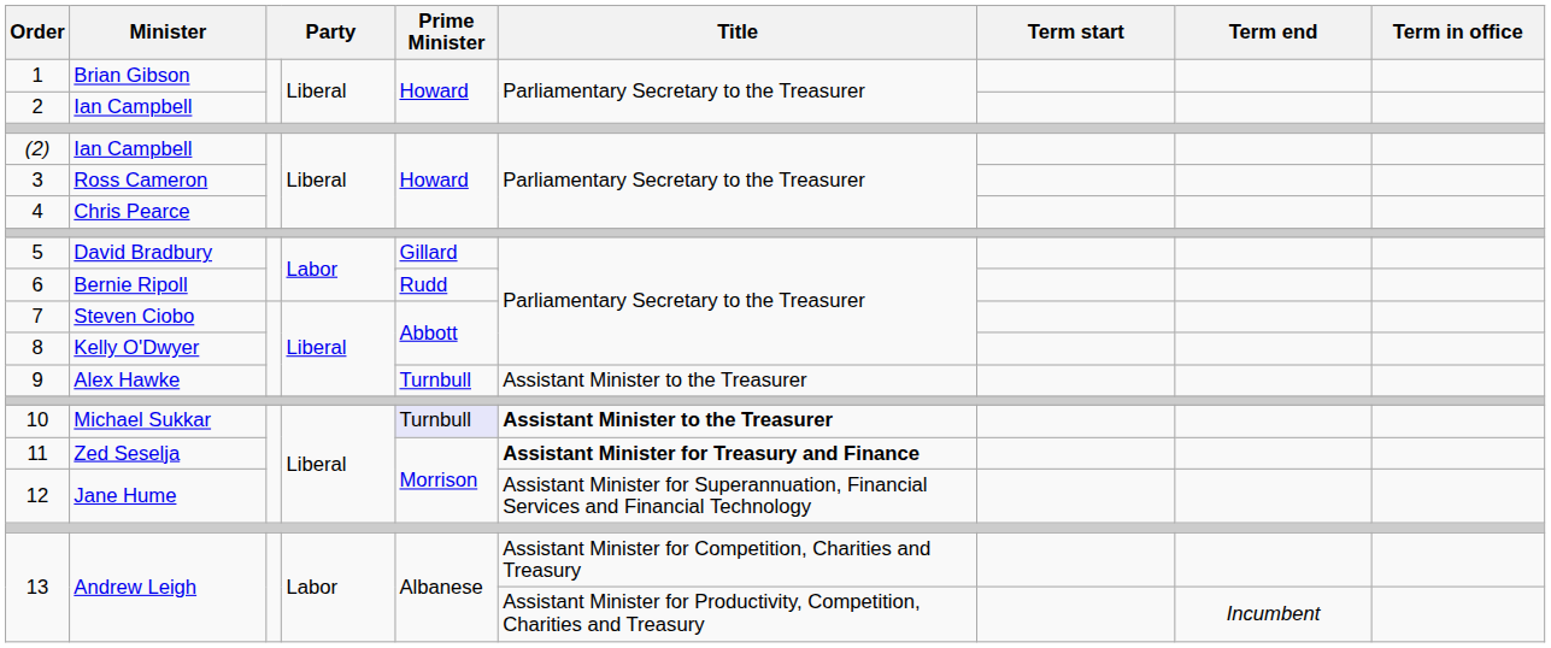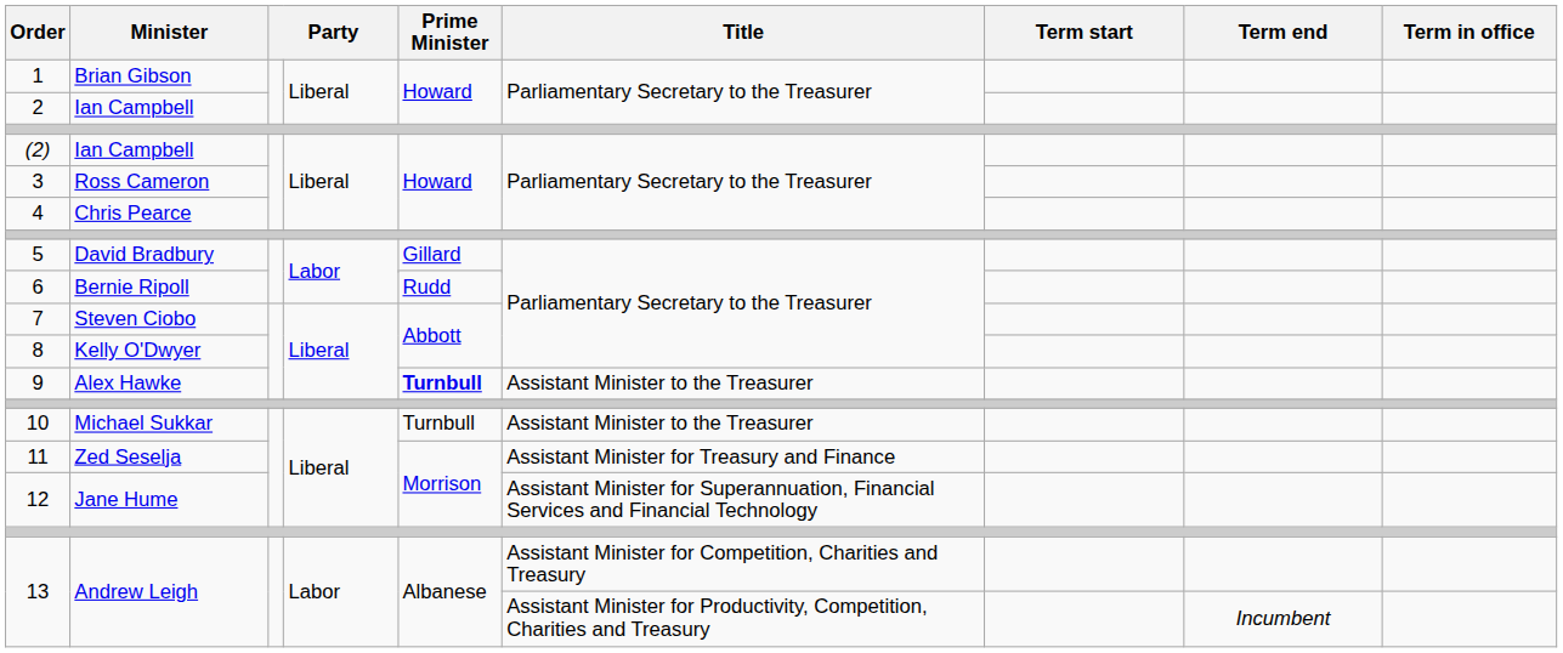 <table class="wikitable">
 <tr>
 <th width=5>Order</th>
 <th width=150>Minister</th>
 <th width=95 colspan="2">Party</th>
 <th width=75>Prime Minister</th>
 <th width=375>Title</th>
 <th width=150>Term start</th>
 <th width=150>Term end</th>
 <th width=130>Term in office</th>
 </tr>
 <tr>
 <td align=center>1</td>
 <td><a href='#'>Brian Gibson</a></td>
 <td rowspan=2 ></td>
 <td rowspan=2>Liberal</td>
 <td rowspan=2><a href='#'>Howard</a></td>
 <td rowspan=2>Parliamentary Secretary to the Treasurer</td>
 <td align=center></td>
 <td align=center></td>
 <td align=right></td>
 </tr>
 <tr>
 <td align=center>2</td>
 <td><a href='#'>Ian Campbell</a></td>
 <td align=center></td>
 <td align=center></td>
 <td align=right></td>
 </tr>
 <tr>
 <th colspan=9 style="background: #cccccc;"></th>
 </tr>
 <tr>
 <td align=center><em>(2)</em></td>
 <td><a href='#'>Ian Campbell</a></td>
 <td rowspan=3 ></td>
 <td rowspan=3>Liberal</td>
 <td rowspan=3><a href='#'>Howard</a></td>
 <td rowspan=3>Parliamentary Secretary to the Treasurer</td>
 <td align=center></td>
 <td align=center></td>
 <td align=right></td>
 </tr>
 <tr>
 <td align=center>3</td>
 <td><a href='#'>Ross Cameron</a></td>
 <td align=center></td>
 <td align=center></td>
 <td align=right></td>
 </tr>
 <tr>
 <td align=center>4</td>
 <td><a href='#'>Chris Pearce</a></td>
 <td align=center></td>
 <td align=center></td>
 <td align=right></td>
 </tr>
 <tr>
 <th colspan=9 style="background: #cccccc;"></th>
 </tr>
 <tr>
 <td align=center>5</td>
 <td><a href='#'>David Bradbury</a></td>
 <td rowspan="3" ></td>
 <td rowspan=3><a href='#'>Labor</a></td>
 <td rowspan=2><a href='#'>Gillard</a></td>
 <td rowspan=5>Parliamentary Secretary to the Treasurer</td>
 <td align=center></td>
 <td align=center></td>
 <td align=right></td>
 </tr>
 <tr>
 <td align=center rowspan=2>6</td>
 <td rowspan=2><a href='#'>Bernie Ripoll</a></td>
 <td align=center rowspan=2></td>
 <td align=center rowspan=2></td>
 <td align=right rowspan=2></td>
 </tr>
 <tr>
 <td><a href='#'>Rudd</a></td>
 </tr>
 <tr>
 <td align=center>7</td>
 <td><a href='#'>Steven Ciobo</a></td>
 <td rowspan="3" ></td>
 <td rowspan=3><a href='#'>Liberal</a></td>
 <td rowspan=2><a href='#'>Abbott</a></td>
 <td align=center></td>
 <td align=center></td>
 <td align=right></td>
 </tr>
 <tr>
 <td align=center>8</td>
 <td><a href='#'>Kelly O'Dwyer</a></td>
 <td align=center></td>
 <td align=center></td>
 <td align=right></td>
 </tr>
 <tr>
 <td align=center>9</td>
 <td><a href='#'>Alex Hawke</a></td>
-<td><a href='#'>Turnbull</a></td>
+<td><strong><a href='#'>Turnbull</a></strong></td>
 <td>Assistant Minister to the Treasurer</td>
 <td align=center></td>
 <td align=center></td>
 <td align=right></td>
 </tr>
 <tr>
 <th colspan=9 style="background: #cccccc;"></th>
 </tr>
 <tr>
 <td align=center>10</td>
 <td><a href='#'>Michael Sukkar</a></td>
 <td rowspan="3" ></td>
 <td rowspan=3>Liberal</td>
-<td style="background: lavender;">Turnbull</td>
-<td><strong>Assistant Minister to the Treasurer</strong></td>
+<td>Turnbull</td>
+<td>Assistant Minister to the Treasurer</td>
 <td align=center></td>
 <td align=center></td>
 <td align=right></td>
 </tr>
 <tr>
 <td align=center>11</td>
 <td><a href='#'>Zed Seselja</a></td>
 <td rowspan=2><a href='#'>Morrison</a></td>
-<td><strong>Assistant Minister for Treasury and Finance</strong></td>
+<td>Assistant Minister for Treasury and Finance</td>
 <td align=center></td>
 <td align=center></td>
 <td align=right></td>
 </tr>
 <tr>
 <td align=center>12</td>
 <td><a href='#'>Jane Hume</a></td>
 <td>Assistant Minister for Superannuation, Financial Services and Financial Technology</td>
 <td align=center></td>
 <td align=center></td>
 <td align=right></td>
 </tr>
 <tr>
 <th colspan=9 style="background: #cccccc;"></th>
 </tr>
 <tr>
 <td rowspan=2 align=center>13</td>
 <td rowspan=2><a href='#'>Andrew Leigh</a></td>
 <td rowspan=2 ></td>
 <td rowspan=2>Labor</td>
 <td rowspan=2>Albanese</td>
 <td>Assistant Minister for Competition, Charities and Treasury</td>
 <td align=center></td>
 <td align=center></td>
 <td align=right></td>
 </tr>
 <tr>
 <td>Assistant Minister for Productivity, Competition, Charities and Treasury</td>
 <td align=center></td>
 <td align=center><em>Incumbent</em></td>
 <td align=right></td>
 </tr>
 </table>
